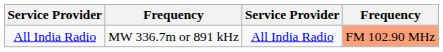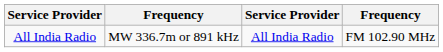 <table class="wikitable" style="border:1px solid black; text-align:center;">
 <tr>
 <th>Service Provider</th>
 <th>Frequency</th>
 <th>Service Provider</th>
 <th>Frequency</th>
 </tr>
 <tr>
 <td><a href='#'>All India Radio</a></td>
 <td>MW 336.7m or 891 kHz</td>
 <td><a href='#'>All India Radio</a></td>
-<td style="background: lightsalmon;">FM 102.90 MHz</td>
+<td>FM 102.90 MHz</td>
 </tr>
 </table>
